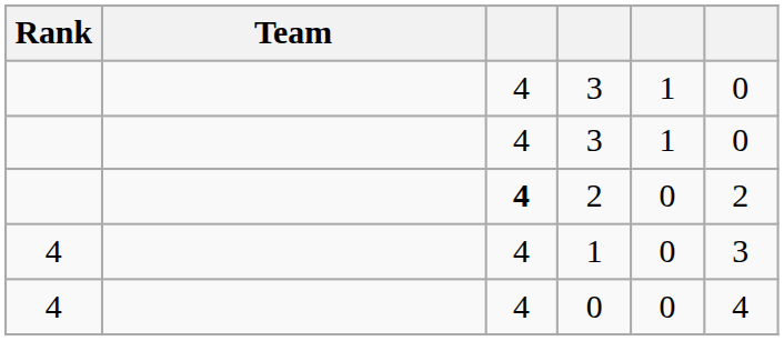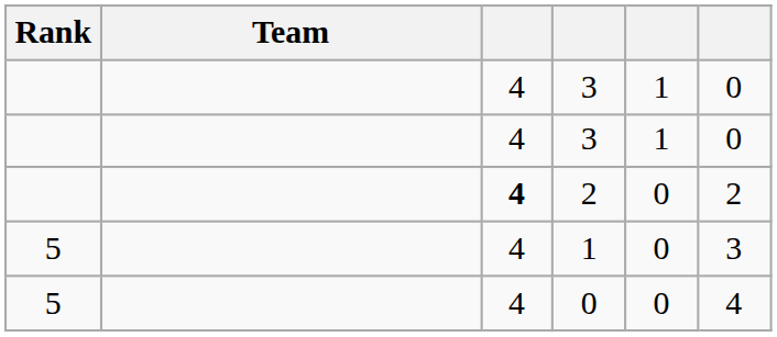 <table class="wikitable" style="text-align:center; font-size:90%;">
 <tr>
 <th width=35>Rank</th>
 <th width=160>Team</th>
 <th width=25></th>
 <th width=25></th>
 <th width=25></th>
 <th width=25></th>
 </tr>
 <tr>
 <td></td>
 <td align=left></td>
 <td>4</td>
 <td>3</td>
 <td>1</td>
 <td>0</td>
 </tr>
 <tr>
 <td></td>
 <td align=left></td>
 <td>4</td>
 <td>3</td>
 <td>1</td>
 <td>0</td>
 </tr>
 <tr>
 <td></td>
 <td align=left></td>
 <td><strong>4</strong></td>
 <td>2</td>
 <td>0</td>
 <td>2</td>
 </tr>
 <tr>
-<td>4</td>
+<td>5</td>
 <td align=left></td>
 <td>4</td>
 <td>1</td>
 <td>0</td>
 <td>3</td>
 </tr>
 <tr>
-<td>4</td>
+<td>5</td>
 <td align=left></td>
 <td>4</td>
 <td>0</td>
 <td>0</td>
 <td>4</td>
 </tr>
 </table>
